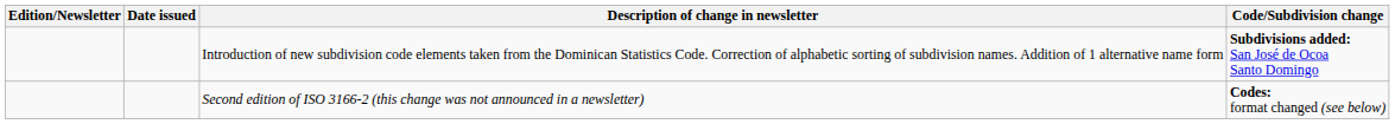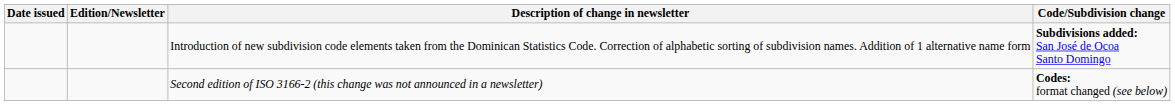 <table class="wikitable">
 <tr>
+<th>Date issued</th>
 <th>Edition/Newsletter</th>
-<th>Date issued</th>
 <th>Description of change in newsletter</th>
 <th>Code/Subdivision change</th>
 </tr>
 <tr>
+<td></td>
 <td id="I-1"></td>
-<td></td>
 <td>Introduction of new subdivision code elements taken from the Dominican Statistics Code. Correction of alphabetic sorting of subdivision names. Addition of 1 alternative name form</td>
 <td style=white-space:nowrap><strong>Subdivisions added:</strong><br>  <a href='#'>San José de Ocoa</a><br>  <a href='#'>Santo Domingo</a></td>
 </tr>
 <tr>
+<td></td>
 <td id="II"></td>
-<td></td>
 <td><em>Second edition of ISO 3166-2 (this change was not announced in a newsletter)</em></td>
 <td style=white-space:nowrap><strong>Codes:</strong><br> format changed <em>(see below)</em></td>
 </tr>
 </table>
